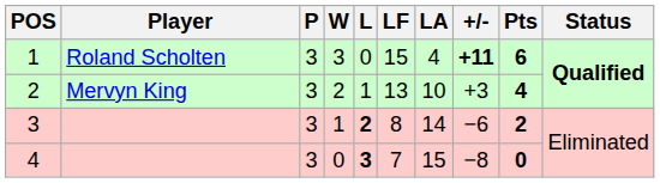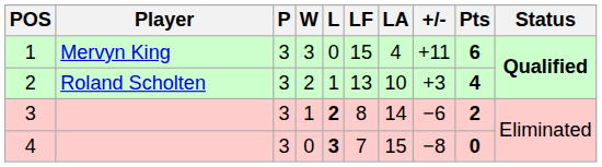 <table class="wikitable" style="text-align:center; margin: 1em auto 1em auto, align:left">
 <tr>
 <th width=20>POS</th>
 <th width=168>Player</th>
 <th width=3>P</th>
 <th width=3>W</th>
 <th width=3>L</th>
 <th width=20>LF</th>
 <th width=20>LA</th>
 <th width=20>+/-</th>
 <th width=20>Pts</th>
 <th width=70>Status</th>
 </tr>
 <tr style="background:#CCFFCC;">
 <td>1</td>
-<td style="text-align:left;"> <a href='#'>Roland Scholten</a></td>
+<td style="text-align:left;"> <a href='#'>Mervyn King</a></td>
 <td>3</td>
 <td>3</td>
 <td>0</td>
 <td>15</td>
 <td>4</td>
-<td><strong>+11</strong></td>
+<td>+11</td>
 <td><strong>6</strong></td>
 <td rowspan=2><strong>Qualified</strong></td>
 </tr>
 <tr style="background:#CCFFCC;">
 <td>2</td>
-<td style="text-align:left;"> <a href='#'>Mervyn King</a></td>
+<td style="text-align:left;"> <a href='#'>Roland Scholten</a></td>
 <td>3</td>
 <td>2</td>
 <td>1</td>
 <td>13</td>
 <td>10</td>
 <td>+3</td>
 <td><strong>4</strong></td>
 </tr>
 <tr style="background:#FFCCCC;">
 <td>3</td>
 <td style="text-align:left;"></td>
 <td>3</td>
 <td>1</td>
 <td><strong>2</strong></td>
 <td>8</td>
 <td>14</td>
 <td>−6</td>
 <td><strong>2</strong></td>
 <td rowspan=2>Eliminated</td>
 </tr>
 <tr style="background:#FFCCCC;">
 <td>4</td>
 <td style="text-align:left;"></td>
 <td>3</td>
 <td>0</td>
 <td><strong>3</strong></td>
 <td>7</td>
 <td>15</td>
 <td>−8</td>
 <td><strong>0</strong></td>
 </tr>
 </table>
